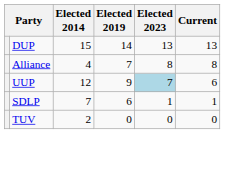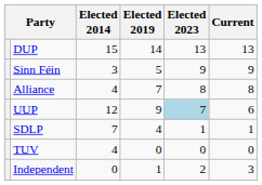 <table class="wikitable" style="font-size: 95%;">
 <tr>
 <th colspan=2>Party</th>
 <th>Elected<br>2014</th>
 <th>Elected<br>2019</th>
 <th>Elected<br>2023</th>
 <th>Current</th>
 </tr>
 <tr>
 <th style="background-color: "></th>
 <td><a href='#'>DUP</a></td>
 <td align="right">15</td>
 <td align="right">14</td>
 <td align="right">13</td>
 <td align="right">13</td>
+</tr>
+<tr>
+<th style="background-color: "></th>
+<td><a href='#'>Sinn Féin</a></td>
+<td align="right">3</td>
+<td align="right">5</td>
+<td align="right">9</td>
+<td align="right">9</td>
 </tr>
 <tr>
 <th style="background-color: "></th>
 <td><a href='#'>Alliance</a></td>
 <td align="right">4</td>
 <td align="right">7</td>
 <td align="right">8</td>
 <td align="right">8</td>
 </tr>
 <tr>
 <th style="background-color: "></th>
 <td><a href='#'>UUP</a></td>
 <td align="right">12</td>
 <td align="right">9</td>
 <td align="right" style="background: lightblue;">7</td>
 <td align="right">6</td>
 </tr>
 <tr>
 <th style="background-color: "></th>
 <td><a href='#'>SDLP</a></td>
 <td align="right">7</td>
-<td align="right">6</td>
+<td align="right">4</td>
 <td align="right">1</td>
 <td align="right">1</td>
 </tr>
 <tr>
 <th style="background-color: "></th>
 <td><a href='#'>TUV</a></td>
-<td align="right">2</td>
+<td align="right">4</td>
 <td align="right">0</td>
 <td align="right">0</td>
 <td align="right">0</td>
 </tr>
+<tr>
+<th style="background-color: "></th>
+<td><a href='#'>Independent</a></td>
+<td align="right">0</td>
+<td align="right">1</td>
+<td align="right">2</td>
+<td align="right">3</td>
+</tr>
 </table>
